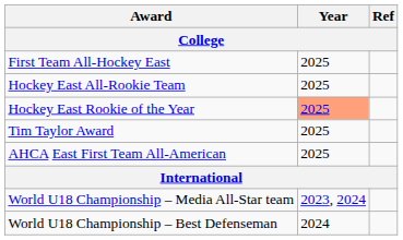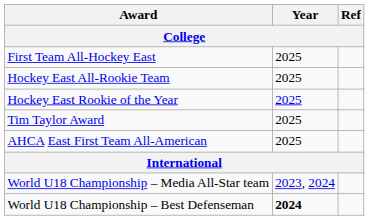 <table class="wikitable">
 <tr>
 <th>Award</th>
 <th>Year</th>
 <th>Ref</th>
 </tr>
 <tr>
 <th colspan="3"><a href='#'>College</a></th>
 </tr>
 <tr>
 <td><a href='#'>First Team All-Hockey East</a></td>
 <td>2025</td>
 <td></td>
 </tr>
 <tr>
 <td><a href='#'>Hockey East All-Rookie Team</a></td>
 <td>2025</td>
 <td></td>
 </tr>
 <tr>
 <td><a href='#'>Hockey East Rookie of the Year</a></td>
-<td style="background: lightsalmon;"><a href='#'>2025</a></td>
+<td><a href='#'>2025</a></td>
 <td></td>
 </tr>
 <tr>
 <td><a href='#'>Tim Taylor Award</a></td>
 <td>2025</td>
 <td></td>
 </tr>
 <tr>
 <td><a href='#'>AHCA</a> <a href='#'>East First Team All-American</a></td>
 <td>2025</td>
 <td></td>
 </tr>
 <tr>
 <th colspan="3"><a href='#'>International</a></th>
 </tr>
 <tr>
 <td><a href='#'>World U18 Championship</a> – Media All-Star team</td>
 <td><a href='#'>2023</a>, <a href='#'>2024</a></td>
 <td></td>
 </tr>
 <tr>
 <td>World U18 Championship – Best Defenseman</td>
-<td>2024</td>
+<td><strong>2024</strong></td>
 <td></td>
 </tr>
 </table>
